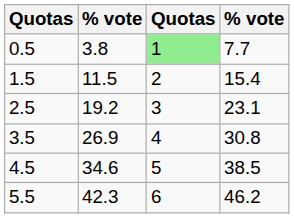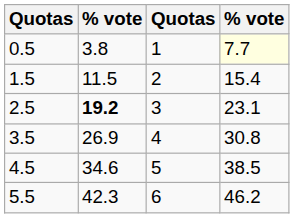 <table class="wikitable">
 <tr>
 <th>Quotas</th>
 <th>% vote</th>
 <th>Quotas</th>
 <th>% vote</th>
 </tr>
 <tr>
 <td>0.5</td>
 <td>3.8</td>
-<td style="background: lightgreen;">1</td>
-<td>7.7</td>
+<td>1</td>
+<td style="background: lightyellow;">7.7</td>
 </tr>
 <tr>
 <td>1.5</td>
 <td>11.5</td>
 <td>2</td>
 <td>15.4</td>
 </tr>
 <tr>
 <td>2.5</td>
-<td>19.2</td>
+<td><strong>19.2</strong></td>
 <td>3</td>
 <td>23.1</td>
 </tr>
 <tr>
 <td>3.5</td>
 <td>26.9</td>
 <td>4</td>
 <td>30.8</td>
 </tr>
 <tr>
 <td>4.5</td>
 <td>34.6</td>
 <td>5</td>
 <td>38.5</td>
 </tr>
 <tr>
 <td>5.5</td>
 <td>42.3</td>
 <td>6</td>
 <td>46.2</td>
 </tr>
 </table>
